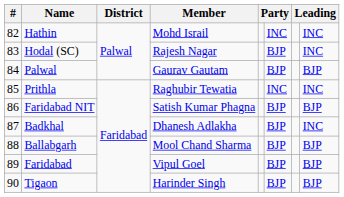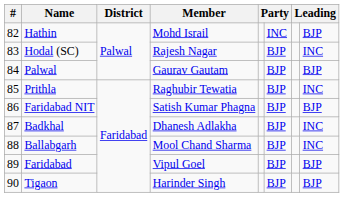 <table class="wikitable">
 <tr>
 <th>#</th>
 <th>Name</th>
 <th>District</th>
 <th>Member</th>
 <th colspan="2">Party</th>
 <th colspan="2">Leading<br></th>
 </tr>
 <tr>
 <td>82</td>
 <td><a href='#'>Hathin</a></td>
 <td rowspan="3"><a href='#'>Palwal</a></td>
 <td><a href='#'>Mohd Israil</a></td>
 <td style="background-color:"></td>
 <td><a href='#'>INC</a></td>
 <td style="background-color:"></td>
-<td><a href='#'>INC</a></td>
+<td><a href='#'>BJP</a></td>
 </tr>
 <tr>
 <td>83</td>
 <td><a href='#'>Hodal</a> (SC)</td>
 <td><a href='#'>Rajesh Nagar</a></td>
 <td style="background-color:"></td>
 <td><a href='#'>BJP</a></td>
 <td style="background-color:"></td>
 <td><a href='#'>INC</a></td>
 </tr>
 <tr>
 <td>84</td>
 <td><a href='#'>Palwal</a></td>
 <td><a href='#'>Gaurav Gautam</a></td>
 <td style="background-color:"></td>
 <td><a href='#'>BJP</a></td>
 <td style="background-color:"></td>
 <td><a href='#'>BJP</a></td>
 </tr>
 <tr>
 <td>85</td>
 <td><a href='#'>Prithla</a></td>
 <td rowspan="6"><a href='#'>Faridabad</a></td>
 <td><a href='#'>Raghubir Tewatia</a></td>
 <td style="background-color:"></td>
-<td><a href='#'>INC</a></td>
+<td><a href='#'>BJP</a></td>
 <td style="background-color:"></td>
 <td><a href='#'>INC</a></td>
 </tr>
 <tr>
 <td>86</td>
 <td><a href='#'>Faridabad NIT</a></td>
 <td><a href='#'>Satish Kumar Phagna</a></td>
 <td style="background-color:"></td>
 <td><a href='#'>BJP</a></td>
 <td style="background-color:"></td>
 <td><a href='#'>BJP</a></td>
 </tr>
 <tr>
 <td>87</td>
 <td><a href='#'>Badkhal</a></td>
 <td><a href='#'>Dhanesh Adlakha</a></td>
 <td style="background-color:"></td>
 <td><a href='#'>BJP</a></td>
 <td style="background-color:"></td>
 <td><a href='#'>INC</a></td>
 </tr>
 <tr>
 <td>88</td>
 <td><a href='#'>Ballabgarh</a></td>
 <td><a href='#'>Mool Chand Sharma</a></td>
 <td style="background-color:"></td>
 <td><a href='#'>BJP</a></td>
 <td style="background-color:"></td>
-<td><a href='#'>BJP</a></td>
+<td><a href='#'>INC</a></td>
 </tr>
 <tr>
 <td>89</td>
 <td><a href='#'>Faridabad</a></td>
 <td><a href='#'>Vipul Goel</a></td>
 <td style="background-color:"></td>
 <td><a href='#'>BJP</a></td>
 <td style="background-color:"></td>
 <td><a href='#'>BJP</a></td>
 </tr>
 <tr>
 <td>90</td>
 <td><a href='#'>Tigaon</a></td>
 <td><a href='#'>Harinder Singh</a></td>
 <td style="background-color:"></td>
 <td><a href='#'>BJP</a></td>
 <td style="background-color:"></td>
 <td><a href='#'>BJP</a></td>
 </tr>
 </table>
